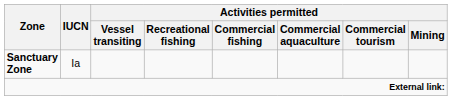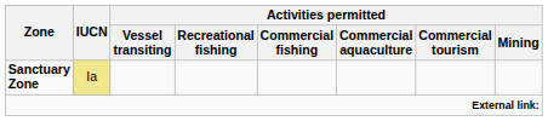 <table class="wikitable" style="text-align:center; margin-left:auto; margin-right:auto; border:none;">
 <tr>
 <th rowspan=2>Zone</th>
 <th rowspan=2>IUCN</th>
 <th colspan=6>Activities permitted</th>
 </tr>
 <tr>
 <th>Vessel transiting</th>
 <th>Recreational fishing</th>
 <th>Commercial fishing</th>
 <th>Commercial aquaculture</th>
 <th>Commercial tourism</th>
 <th>Mining</th>
 </tr>
 <tr>
 <td style="text-align:left"><strong>Sanctuary Zone</strong></td>
-<td>Ia</td>
+<td style="background: khaki;">Ia</td>
 <td></td>
 <td></td>
 <td></td>
 <td></td>
 <td></td>
 <td></td>
 </tr>
 <tr>
 <td style="text-align:right" colspan=99><small><strong>External link:</strong> </small></td>
 </tr>
 </table>
